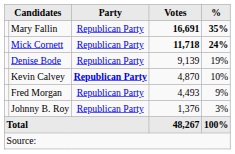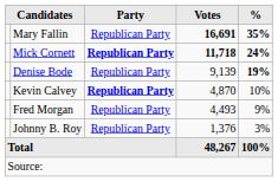 <table class=wikitable style="font-size:95%; text-align:right;">
 <tr>
 <th style="background:#e9e9e9; text-align:center;" colspan="2">Candidates</th>
 <th style="background:#e9e9e9; text-align:center;">Party</th>
 <th style="background:#e9e9e9; text-align:center;">Votes</th>
 <th style="background:#e9e9e9; text-align:center;">%</th>
 </tr>
 <tr>
 <td></td>
 <td align=left>Mary Fallin</td>
 <td align=center><a href='#'>Republican Party</a></td>
 <td><strong>16,691</strong></td>
 <td><strong>35%</strong></td>
 </tr>
 <tr>
 <td></td>
 <td align=left><a href='#'>Mick Cornett</a></td>
-<td align=center><a href='#'>Republican Party</a></td>
+<td align=center><strong><a href='#'>Republican Party</a></strong></td>
 <td><strong>11,718</strong></td>
 <td><strong>24%</strong></td>
 </tr>
 <tr>
 <td></td>
 <td align=left><a href='#'>Denise Bode</a></td>
 <td align=center><a href='#'>Republican Party</a></td>
 <td>9,139</td>
-<td>19%</td>
+<td><strong>19%</strong></td>
 </tr>
 <tr>
 <td></td>
 <td align=left>Kevin Calvey</td>
 <td align=center><strong><a href='#'>Republican Party</a></strong></td>
 <td>4,870</td>
 <td>10%</td>
 </tr>
 <tr>
 <td></td>
 <td align=left>Fred Morgan</td>
 <td align=center><a href='#'>Republican Party</a></td>
 <td>4,493</td>
 <td>9%</td>
 </tr>
 <tr>
 <td></td>
 <td align=left>Johnny B. Roy</td>
 <td align=center><a href='#'>Republican Party</a></td>
 <td>1,376</td>
 <td>3%</td>
 </tr>
 <tr style="background:#e9e9e9;">
 <td colspan="3" style="text-align:left; "><strong>Total</strong></td>
 <td style="text-align:right; width:75px; "><strong>48,267</strong></td>
 <td style="text-align:right; width:30px; "><strong>100%</strong></td>
 </tr>
 <tr>
 <td style="text-align:left;" colspan="6">Source: </td>
 </tr>
 </table>
